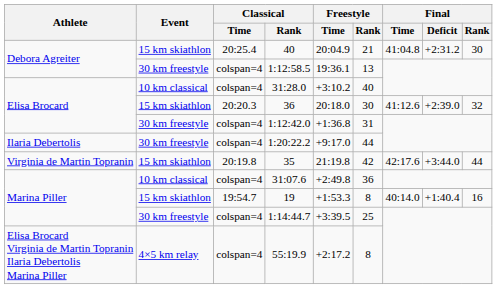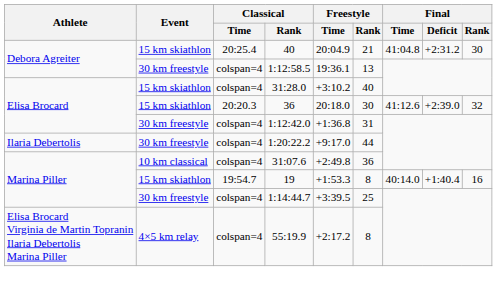 <table class="wikitable" style="font-size:90%">
 <tr>
 <th rowspan=2>Athlete</th>
 <th rowspan=2>Event</th>
 <th colspan=2>Classical</th>
 <th colspan=2>Freestyle</th>
 <th colspan=3>Final</th>
 </tr>
 <tr style="font-size: 95%">
 <th>Time</th>
 <th>Rank</th>
 <th>Time</th>
 <th>Rank</th>
 <th>Time</th>
 <th>Deficit</th>
 <th>Rank</th>
 </tr>
 <tr align=center>
 <td align=left rowspan=2><a href='#'>Debora Agreiter</a></td>
 <td align=left><a href='#'>15 km skiathlon</a></td>
 <td>20:25.4</td>
 <td>40</td>
 <td>20:04.9</td>
 <td>21</td>
 <td>41:04.8</td>
 <td>+2:31.2</td>
 <td>30</td>
 </tr>
 <tr align=center>
 <td align=left><a href='#'>30 km freestyle</a></td>
 <td>colspan=4 </td>
 <td>1:12:58.5</td>
 <td>19:36.1</td>
 <td>13</td>
 </tr>
 <tr align=center>
 <td align=left rowspan=3><a href='#'>Elisa Brocard</a></td>
-<td align=left><a href='#'>10 km classical</a></td>
+<td align=left><a href='#'>15 km skiathlon</a></td>
 <td>colspan=4 </td>
 <td>31:28.0</td>
 <td>+3:10.2</td>
 <td>40</td>
 </tr>
 <tr align=center>
 <td align=left><a href='#'>15 km skiathlon</a></td>
 <td>20:20.3</td>
 <td>36</td>
 <td>20:18.0</td>
 <td>30</td>
 <td>41:12.6</td>
 <td>+2:39.0</td>
 <td>32</td>
 </tr>
 <tr align=center>
 <td align=left><a href='#'>30 km freestyle</a></td>
 <td>colspan=4 </td>
 <td>1:12:42.0</td>
 <td>+1:36.8</td>
 <td>31</td>
 </tr>
 <tr align=center>
 <td align=left><a href='#'>Ilaria Debertolis</a></td>
 <td align=left><a href='#'>30 km freestyle</a></td>
 <td>colspan=4 </td>
 <td>1:20:22.2</td>
 <td>+9:17.0</td>
-<td>44</td>
-</tr>
-<tr align=center>
-<td align=left><a href='#'>Virginia de Martin Topranin</a></td>
-<td align=left><a href='#'>15 km skiathlon</a></td>
-<td>20:19.8</td>
-<td>35</td>
-<td>21:19.8</td>
-<td>42</td>
-<td>42:17.6</td>
-<td>+3:44.0</td>
 <td>44</td>
 </tr>
 <tr align=center>
 <td align=left rowspan=3><a href='#'>Marina Piller</a></td>
 <td align=left><a href='#'>10 km classical</a></td>
 <td>colspan=4 </td>
 <td>31:07.6</td>
 <td>+2:49.8</td>
 <td>36</td>
 </tr>
 <tr align=center>
 <td align=left><a href='#'>15 km skiathlon</a></td>
 <td>19:54.7</td>
 <td>19</td>
 <td>+1:53.3</td>
 <td>8</td>
 <td>40:14.0</td>
 <td>+1:40.4</td>
 <td>16</td>
 </tr>
 <tr align=center>
 <td align=left><a href='#'>30 km freestyle</a></td>
 <td>colspan=4 </td>
 <td>1:14:44.7</td>
 <td>+3:39.5</td>
 <td>25</td>
 </tr>
 <tr align=center>
 <td align=left><a href='#'>Elisa Brocard</a><br><a href='#'>Virginia de Martin Topranin</a><br><a href='#'>Ilaria Debertolis</a><br><a href='#'>Marina Piller</a></td>
 <td align=left><a href='#'>4×5 km relay</a></td>
 <td>colspan=4 </td>
 <td>55:19.9</td>
 <td>+2:17.2</td>
 <td>8</td>
 </tr>
 </table>
